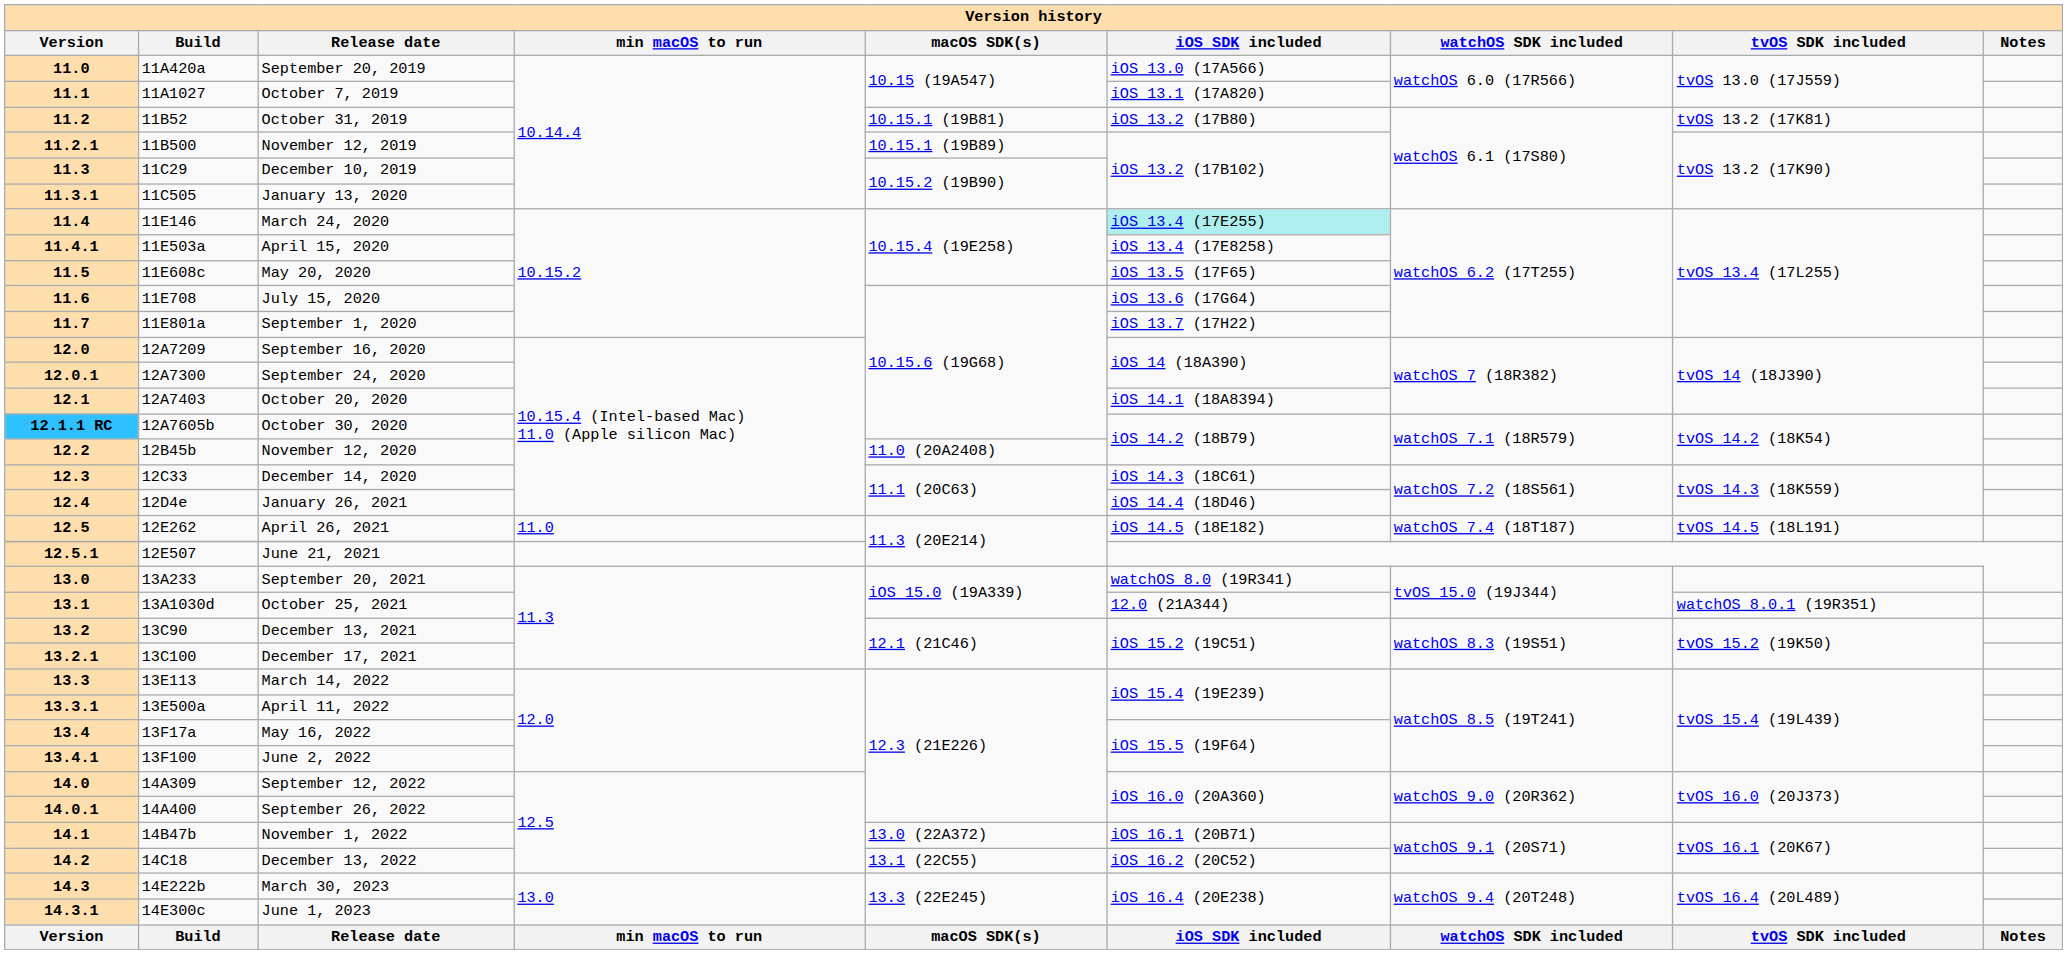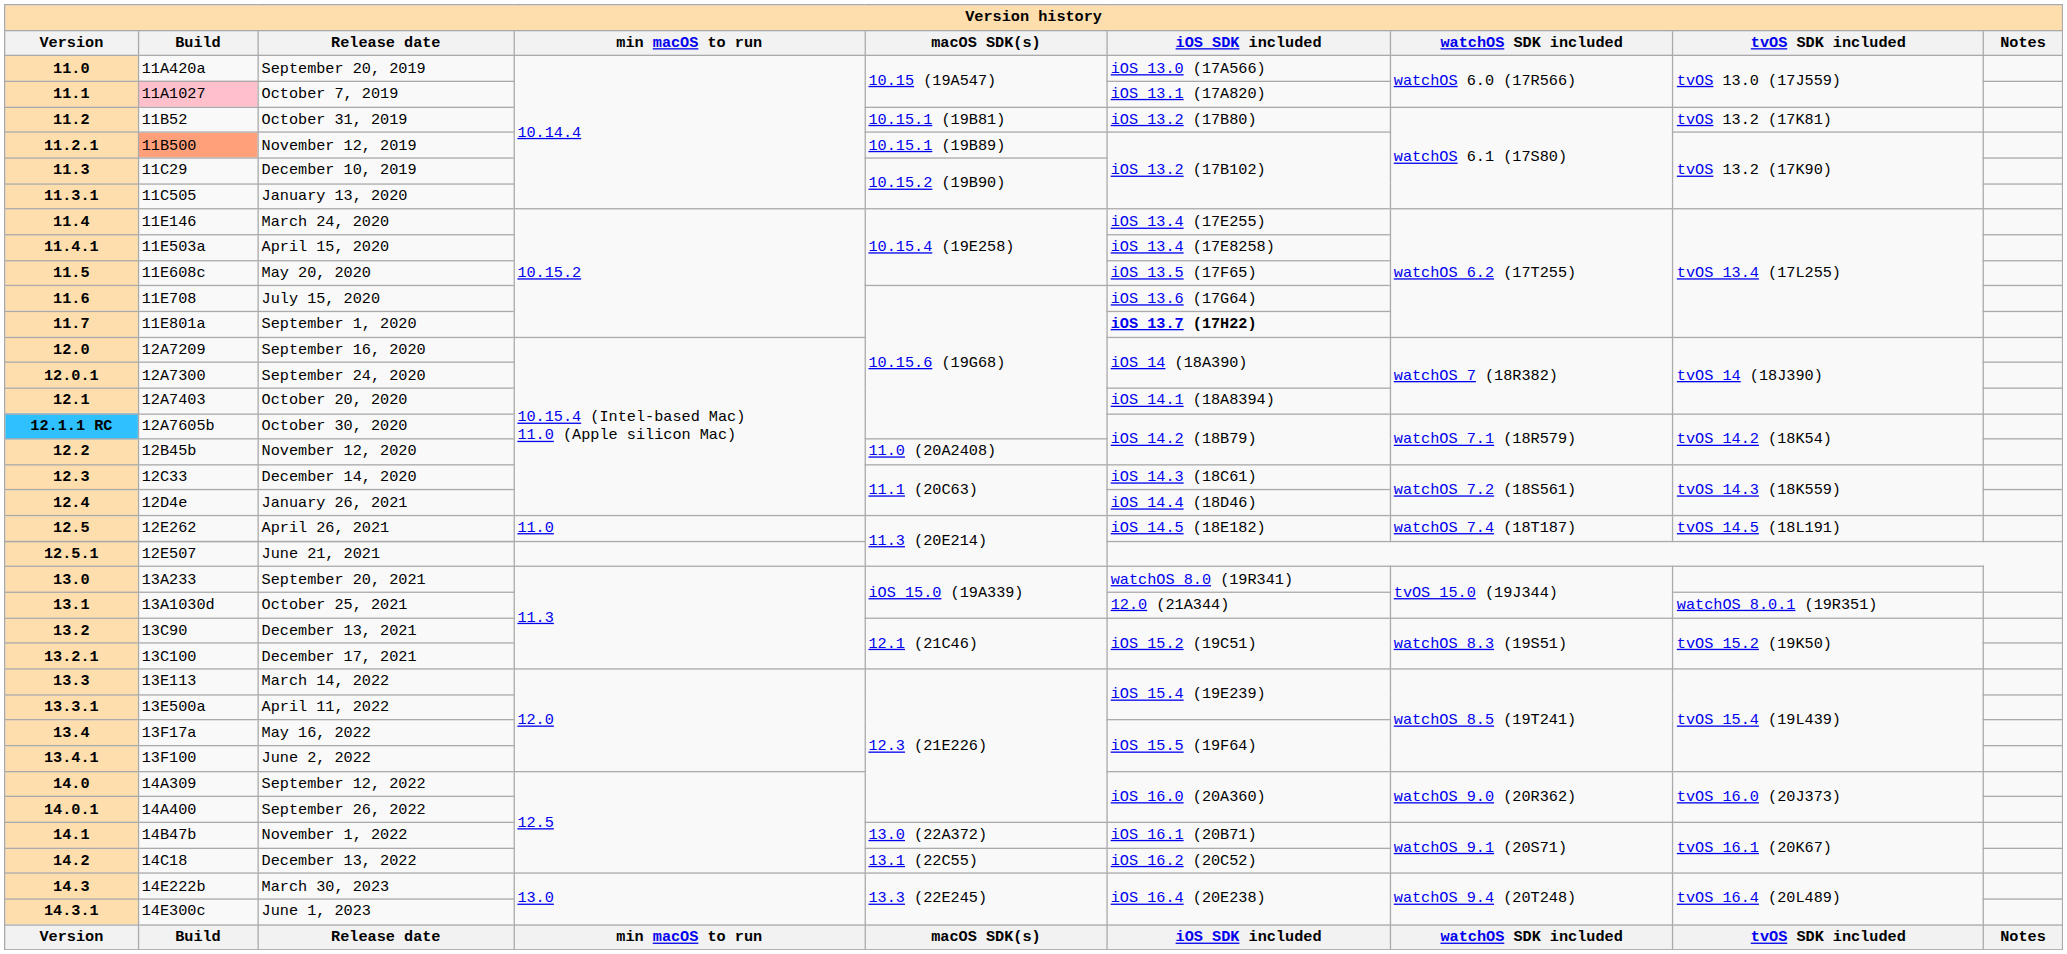 <table class="wikitable collapsible collapsed" style="width:100%; font-size:90%;">
 <tr>
 <th style="background: #ffdead; text-align:center;" colspan="10">Version history</th>
 </tr>
 <tr>
 <th>Version</th>
 <th>Build</th>
 <th>Release date</th>
 <th>min <a href='#'>macOS</a> to run</th>
 <th>macOS SDK(s)</th>
 <th><a href='#'>iOS SDK</a> included</th>
 <th><a href='#'>watchOS</a> SDK included</th>
 <th><a href='#'>tvOS</a> SDK included</th>
 <th>Notes</th>
 </tr>
 <tr>
 <th style="background:#ffdead; white-space:nowrap;">11.0</th>
 <td>11A420a</td>
 <td>September 20, 2019</td>
 <td rowspan="6"><a href='#'>10.14.4</a></td>
 <td rowspan="2"><a href='#'>10.15</a> (19A547)</td>
 <td><a href='#'>iOS 13.0</a> (17A566)</td>
 <td rowspan="2"><a href='#'>watchOS</a> 6.0 (17R566)</td>
 <td rowspan="2"><a href='#'>tvOS</a> 13.0 (17J559)</td>
 <td></td>
 </tr>
 <tr>
 <th style="background:#ffdead; white-space:nowrap;">11.1</th>
-<td>11A1027</td>
+<td style="background: pink;">11A1027</td>
 <td>October 7, 2019</td>
 <td><a href='#'>iOS 13.1</a> (17A820)</td>
 <td></td>
 </tr>
 <tr>
 <th style="background:#ffdead; white-space:nowrap;">11.2</th>
 <td>11B52</td>
 <td>October 31, 2019</td>
 <td><a href='#'>10.15.1</a> (19B81)</td>
 <td><a href='#'>iOS 13.2</a> (17B80)</td>
 <td rowspan="4"><a href='#'>watchOS</a> 6.1 (17S80)</td>
 <td><a href='#'>tvOS</a> 13.2 (17K81)</td>
 <td></td>
 </tr>
 <tr>
 <th style="background:#ffdead; white-space:nowrap;">11.2.1</th>
-<td>11B500</td>
+<td style="background: lightsalmon;">11B500</td>
 <td>November 12, 2019</td>
 <td><a href='#'>10.15.1</a> (19B89)</td>
 <td rowspan="3"><a href='#'>iOS 13.2</a> (17B102)</td>
 <td rowspan="3"><a href='#'>tvOS</a> 13.2 (17K90)</td>
 <td></td>
 </tr>
 <tr>
 <th style="background:#ffdead; white-space:nowrap;">11.3</th>
 <td>11C29</td>
 <td>December 10, 2019</td>
 <td rowspan="2"><a href='#'>10.15.2</a> (19B90)</td>
 <td></td>
 </tr>
 <tr>
 <th style="background:#ffdead; white-space:nowrap;">11.3.1</th>
 <td>11C505</td>
 <td>January 13, 2020</td>
 <td></td>
 </tr>
 <tr>
 <th style="background:#ffdead; white-space:nowrap;">11.4</th>
 <td>11E146</td>
 <td>March 24, 2020</td>
 <td rowspan=5><a href='#'>10.15.2</a></td>
 <td rowspan=3><a href='#'>10.15.4</a> (19E258)</td>
-<td style="background: paleturquoise;"><a href='#'>iOS 13.4</a> (17E255)</td>
+<td><a href='#'>iOS 13.4</a> (17E255)</td>
 <td rowspan=5><a href='#'>watchOS 6.2</a> (17T255)</td>
 <td rowspan=5><a href='#'>tvOS 13.4</a> (17L255)</td>
 <td></td>
 </tr>
 <tr>
 <th style="background:#ffdead; white-space:nowrap;">11.4.1</th>
 <td>11E503a</td>
 <td>April 15, 2020</td>
 <td><a href='#'>iOS 13.4</a> (17E8258)</td>
 <td></td>
 </tr>
 <tr>
 <th style="background:#ffdead; white-space:nowrap;">11.5</th>
 <td>11E608c</td>
 <td>May 20, 2020</td>
 <td><a href='#'>iOS 13.5</a> (17F65)</td>
 <td></td>
 </tr>
 <tr>
 <th style="background:#ffdead; white-space:nowrap;">11.6</th>
 <td>11E708</td>
 <td>July 15, 2020</td>
 <td rowspan=6><a href='#'>10.15.6</a> (19G68)</td>
 <td><a href='#'>iOS 13.6</a> (17G64)</td>
 <td></td>
 </tr>
 <tr>
 <th style="background:#ffdead; white-space:nowrap;">11.7</th>
 <td>11E801a</td>
 <td>September 1, 2020</td>
-<td><a href='#'>iOS 13.7</a> (17H22)</td>
+<td><strong><a href='#'>iOS 13.7</a> (17H22)</strong></td>
 <td></td>
 </tr>
 <tr>
 <th style="background:#ffdead; white-space:nowrap;">12.0</th>
 <td>12A7209</td>
 <td>September 16, 2020</td>
 <td rowspan=7><a href='#'>10.15.4</a> (Intel-based Mac)<br><a href='#'>11.0</a> (Apple silicon Mac)</td>
 <td rowspan=2><a href='#'>iOS 14</a> (18A390)</td>
 <td rowspan=3><a href='#'>watchOS 7</a> (18R382)</td>
 <td rowspan=3><a href='#'>tvOS 14</a> (18J390)</td>
 <td></td>
 </tr>
 <tr>
 <th style="background:#ffdead; white-space:nowrap;">12.0.1</th>
 <td>12A7300</td>
 <td>September 24, 2020</td>
 <td></td>
 </tr>
 <tr>
 <th style="background:#ffdead; white-space:nowrap;">12.1</th>
 <td>12A7403</td>
 <td>October 20, 2020</td>
 <td><a href='#'>iOS 14.1</a> (18A8394)</td>
 <td></td>
 </tr>
 <tr>
 <th style="background:#2fc0ff; white-space:nowrap;">12.1.1 RC</th>
 <td>12A7605b</td>
 <td>October 30, 2020</td>
 <td rowspan=2><a href='#'>iOS 14.2</a> (18B79)</td>
 <td rowspan=2><a href='#'>watchOS 7.1</a> (18R579)</td>
 <td rowspan=2><a href='#'>tvOS 14.2</a> (18K54)</td>
 <td></td>
 </tr>
 <tr>
 <th style="background:#ffdead; white-space:nowrap;">12.2</th>
 <td>12B45b</td>
 <td>November 12, 2020</td>
 <td><a href='#'>11.0</a> (20A2408)</td>
 <td></td>
 </tr>
 <tr>
 <th style="background:#ffdead; white-space:nowrap;">12.3</th>
 <td>12C33</td>
 <td>December 14, 2020</td>
 <td rowspan=2><a href='#'>11.1</a> (20C63)</td>
 <td><a href='#'>iOS 14.3</a> (18C61)</td>
 <td rowspan=2><a href='#'>watchOS 7.2</a> (18S561)</td>
 <td rowspan=2><a href='#'>tvOS 14.3</a> (18K559)</td>
 <td></td>
 </tr>
 <tr>
 <th style="background:#ffdead; white-space:nowrap;">12.4</th>
 <td>12D4e</td>
 <td>January 26, 2021</td>
 <td><a href='#'>iOS 14.4</a> (18D46)</td>
 <td></td>
 </tr>
 <tr>
 <th style="background:#ffdead; white-space:nowrap;">12.5</th>
 <td>12E262</td>
 <td>April 26, 2021</td>
 <td rowspan=2><a href='#'>11.0</a></td>
 <td rowspan=3><a href='#'>11.3</a> (20E214)</td>
 <td rowspan=2><a href='#'>iOS 14.5</a> (18E182)</td>
 <td rowspan=2><a href='#'>watchOS 7.4</a> (18T187)</td>
 <td rowspan=2><a href='#'>tvOS 14.5</a> (18L191)</td>
 <td></td>
 </tr>
 <tr>
 </tr>
 <tr>
 <th style="background:#ffdead; white-space:nowrap;">12.5.1</th>
 <td>12E507</td>
 <td>June 21, 2021</td>
 <td></td>
 </tr>
 <tr>
 <th style="background:#ffdead; white-space:nowrap;">13.0</th>
 <td>13A233</td>
 <td>September 20, 2021</td>
 <td rowspan=4><a href='#'>11.3</a></td>
 <td rowspan=2><a href='#'>iOS 15.0</a> (19A339)</td>
 <td rowspan=1><a href='#'>watchOS 8.0</a> (19R341)</td>
 <td rowspan=2><a href='#'>tvOS 15.0</a> (19J344)</td>
 <td></td>
 </tr>
 <tr>
 <th style="background:#ffdead; white-space:nowrap;">13.1</th>
 <td>13A1030d</td>
 <td>October 25, 2021</td>
 <td rowspan=1><a href='#'>12.0</a> (21A344)</td>
 <td rowspan=1><a href='#'>watchOS 8.0.1</a> (19R351)</td>
 <td></td>
 </tr>
 <tr>
 <th style="background:#ffdead; white-space:nowrap;">13.2</th>
 <td>13C90</td>
 <td>December 13, 2021</td>
 <td rowspan=2><a href='#'>12.1</a> (21C46)</td>
 <td rowspan=2><a href='#'>iOS 15.2</a> (19C51)</td>
 <td rowspan=2><a href='#'>watchOS 8.3</a> (19S51)</td>
 <td rowspan=2><a href='#'>tvOS 15.2</a> (19K50)</td>
 <td></td>
 </tr>
 <tr>
 <th style="background:#ffdead; white-space:nowrap;">13.2.1</th>
 <td>13C100</td>
 <td>December 17, 2021</td>
 <td></td>
 </tr>
 <tr>
 <th style="background:#ffdead; white-space:nowrap;">13.3</th>
 <td>13E113</td>
 <td>March 14, 2022</td>
 <td rowspan=4><a href='#'>12.0</a></td>
 <td rowspan=6><a href='#'>12.3</a> (21E226)</td>
 <td rowspan=2><a href='#'>iOS 15.4</a> (19E239)</td>
 <td rowspan=4><a href='#'>watchOS 8.5</a> (19T241)</td>
 <td rowspan=4><a href='#'>tvOS 15.4</a> (19L439)</td>
 <td></td>
 </tr>
 <tr>
 <th style="background:#ffdead; white-space:nowrap;">13.3.1</th>
 <td>13E500a</td>
 <td>April 11, 2022</td>
 <td></td>
 </tr>
 <tr>
 <th style="background:#ffdead; white-space:nowrap;">13.4</th>
 <td>13F17a</td>
 <td>May 16, 2022</td>
 <td rowspan=2><a href='#'>iOS 15.5</a> (19F64)</td>
 <td></td>
 </tr>
 <tr>
 <th style="background:#ffdead; white-space:nowrap;">13.4.1</th>
 <td>13F100</td>
 <td>June 2, 2022</td>
 <td></td>
 </tr>
 <tr>
 <th style="background:#ffdead; white-space:nowrap;">14.0</th>
 <td>14A309</td>
 <td>September 12, 2022</td>
 <td rowspan=4><a href='#'>12.5</a></td>
 <td rowspan=2><a href='#'>iOS 16.0</a> (20A360)</td>
 <td rowspan=2><a href='#'>watchOS 9.0</a> (20R362)</td>
 <td rowspan=2><a href='#'>tvOS 16.0</a> (20J373)</td>
 <td></td>
 </tr>
 <tr>
 <th style="background:#ffdead; white-space:nowrap;">14.0.1</th>
 <td>14A400</td>
 <td>September 26, 2022</td>
 <td></td>
 </tr>
 <tr>
 <th style="background:#ffdead; white-space:nowrap;">14.1</th>
 <td>14B47b</td>
 <td>November 1, 2022</td>
 <td><a href='#'>13.0</a> (22A372)</td>
 <td><a href='#'>iOS 16.1</a> (20B71)</td>
 <td rowspan=2><a href='#'>watchOS 9.1</a> (20S71)</td>
 <td rowspan=2><a href='#'>tvOS 16.1</a> (20K67)</td>
 <td></td>
 </tr>
 <tr>
 <th style="background:#ffdead; white-space:nowrap;">14.2</th>
 <td>14C18</td>
 <td>December 13, 2022</td>
 <td><a href='#'>13.1</a> (22C55)</td>
 <td><a href='#'>iOS 16.2</a> (20C52)</td>
 <td></td>
 </tr>
 <tr>
 <th style="background:#ffdead; white-space:nowrap;">14.3</th>
 <td>14E222b</td>
 <td>March 30, 2023</td>
 <td rowspan=2><a href='#'>13.0</a></td>
 <td rowspan=2><a href='#'>13.3</a> (22E245)</td>
 <td rowspan=2><a href='#'>iOS 16.4</a> (20E238)</td>
 <td rowspan=2><a href='#'>watchOS 9.4</a> (20T248)</td>
 <td rowspan=2><a href='#'>tvOS 16.4</a> (20L489)</td>
 <td></td>
 </tr>
 <tr>
 <th style="background:#ffdead; white-space:nowrap;">14.3.1</th>
 <td>14E300c</td>
 <td>June 1, 2023</td>
 <td></td>
 </tr>
 <tr class="sortbottom">
 <th>Version</th>
 <th>Build</th>
 <th>Release date</th>
 <th>min <a href='#'>macOS</a> to run</th>
 <th>macOS SDK(s)</th>
 <th><a href='#'>iOS SDK</a> included</th>
 <th><a href='#'>watchOS</a> SDK included</th>
 <th><a href='#'>tvOS</a> SDK included</th>
 <th>Notes</th>
 </tr>
 </table>
